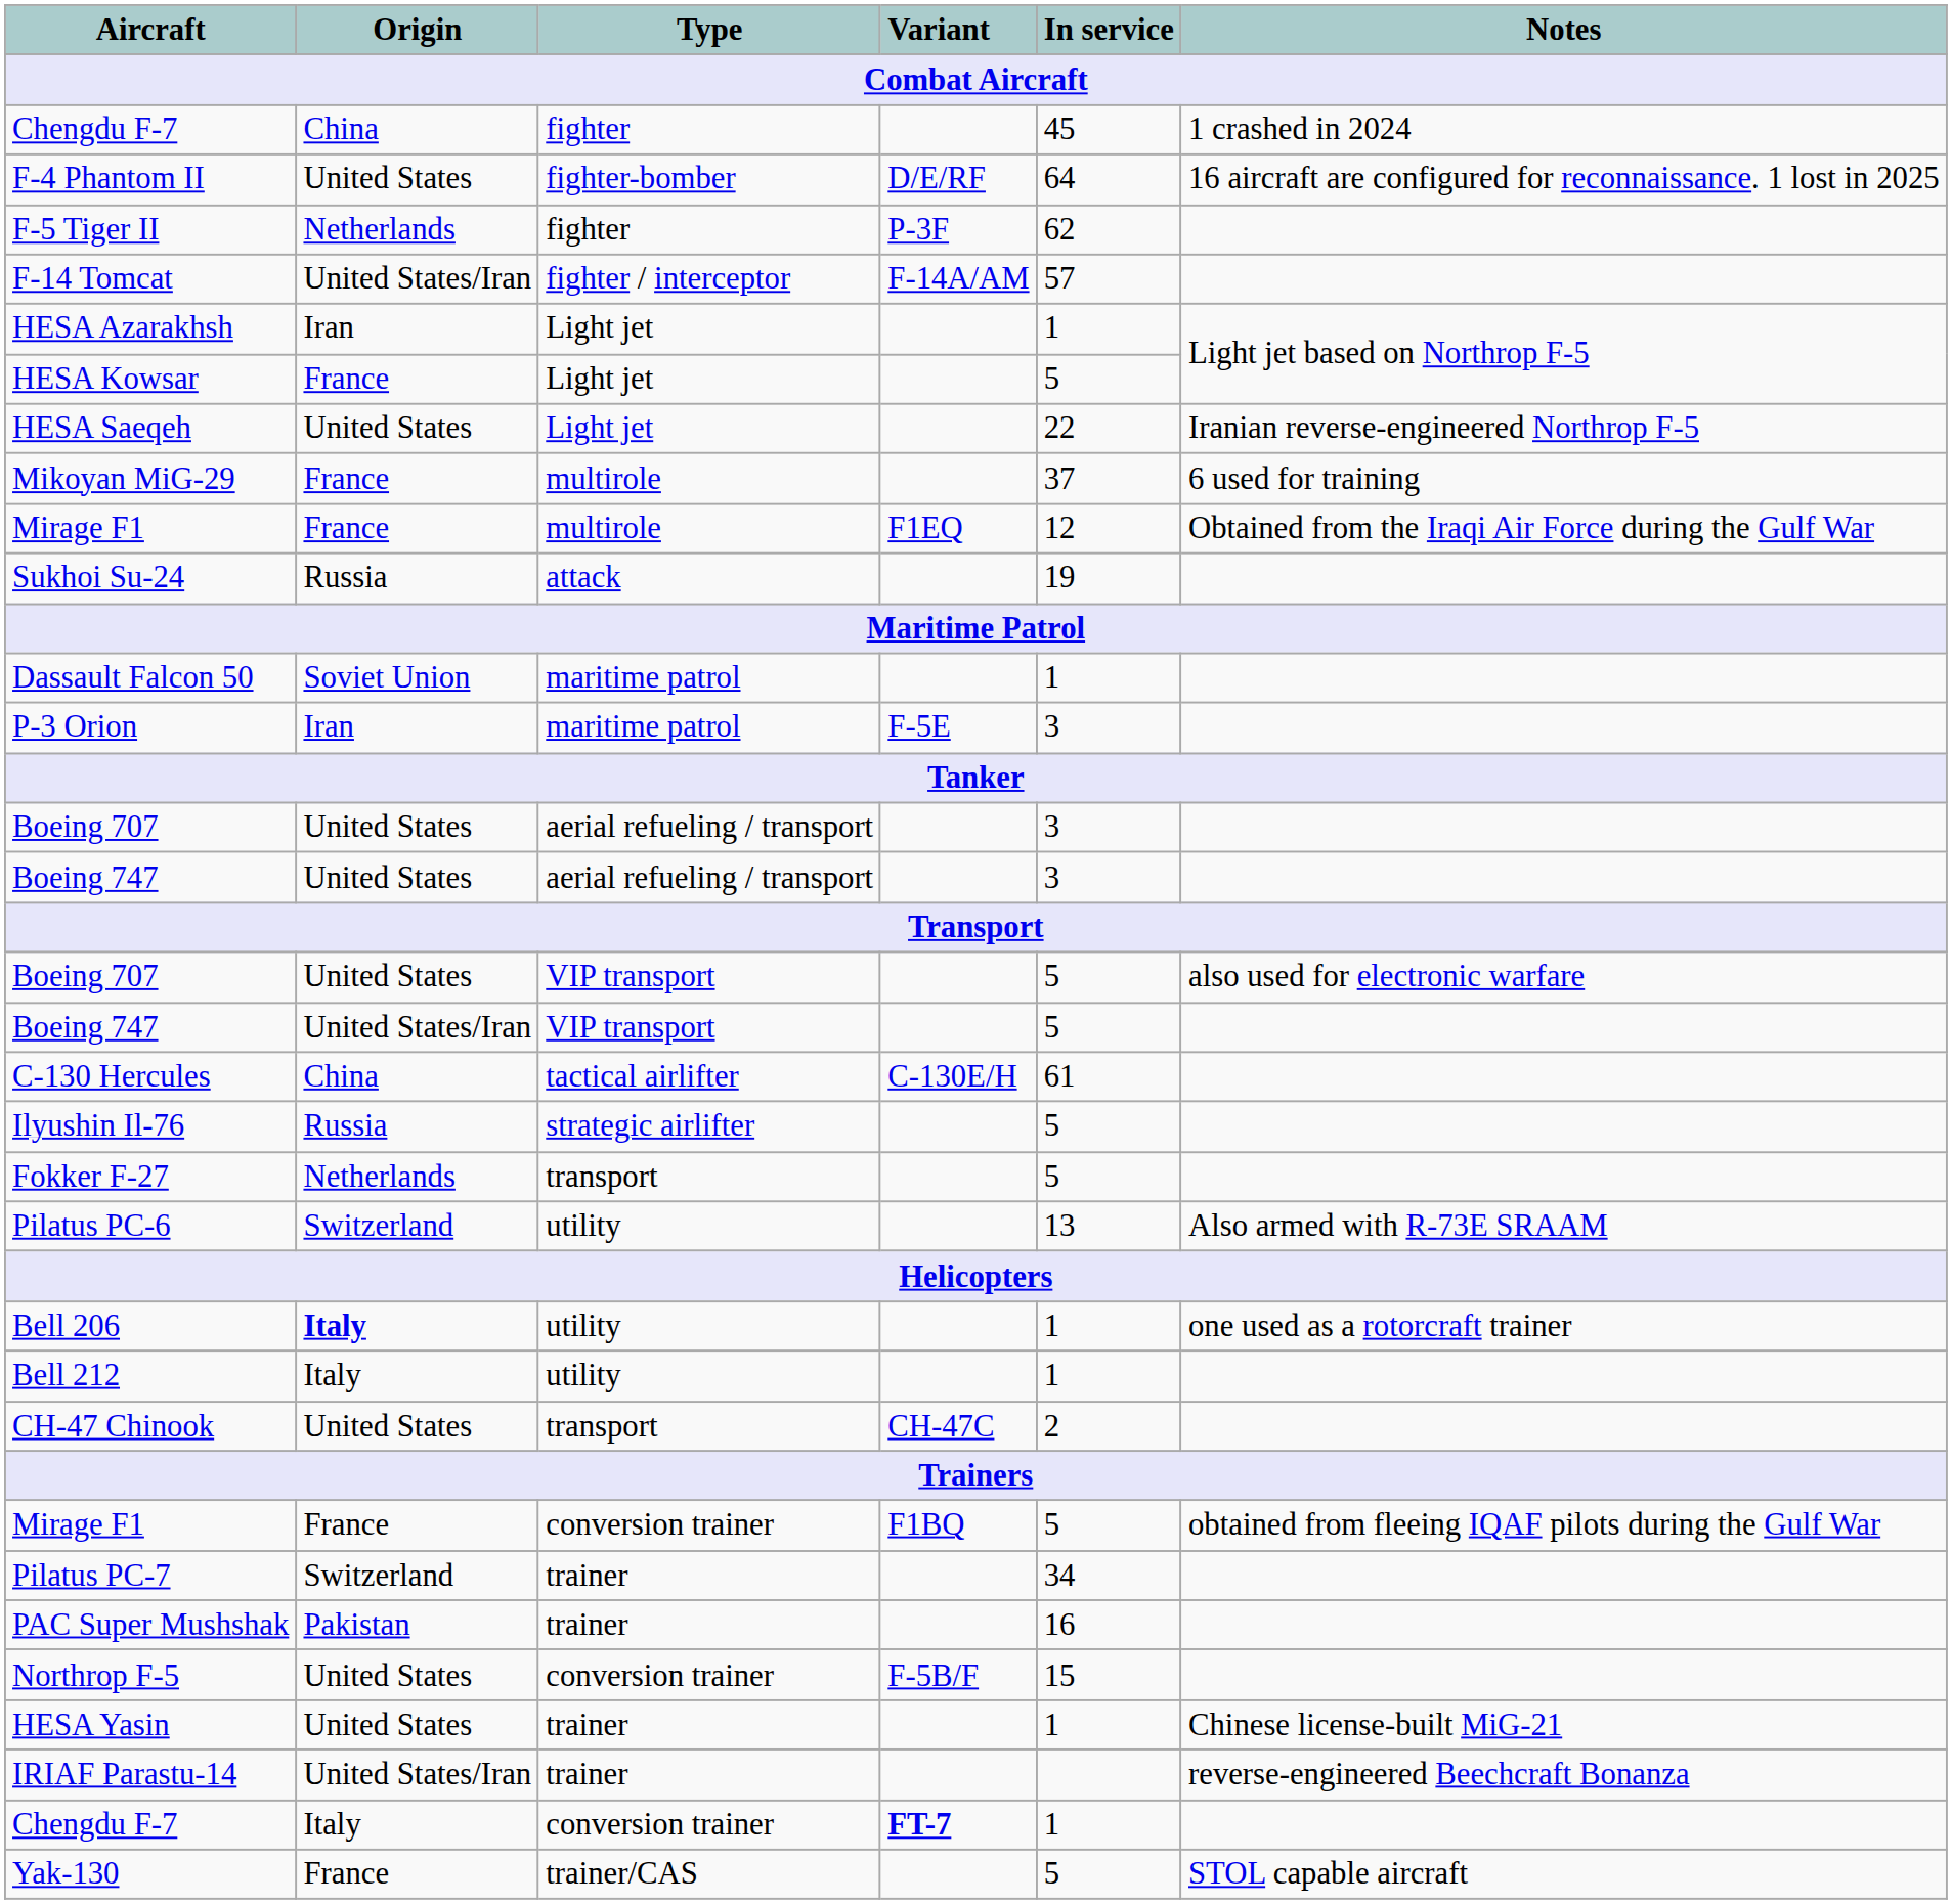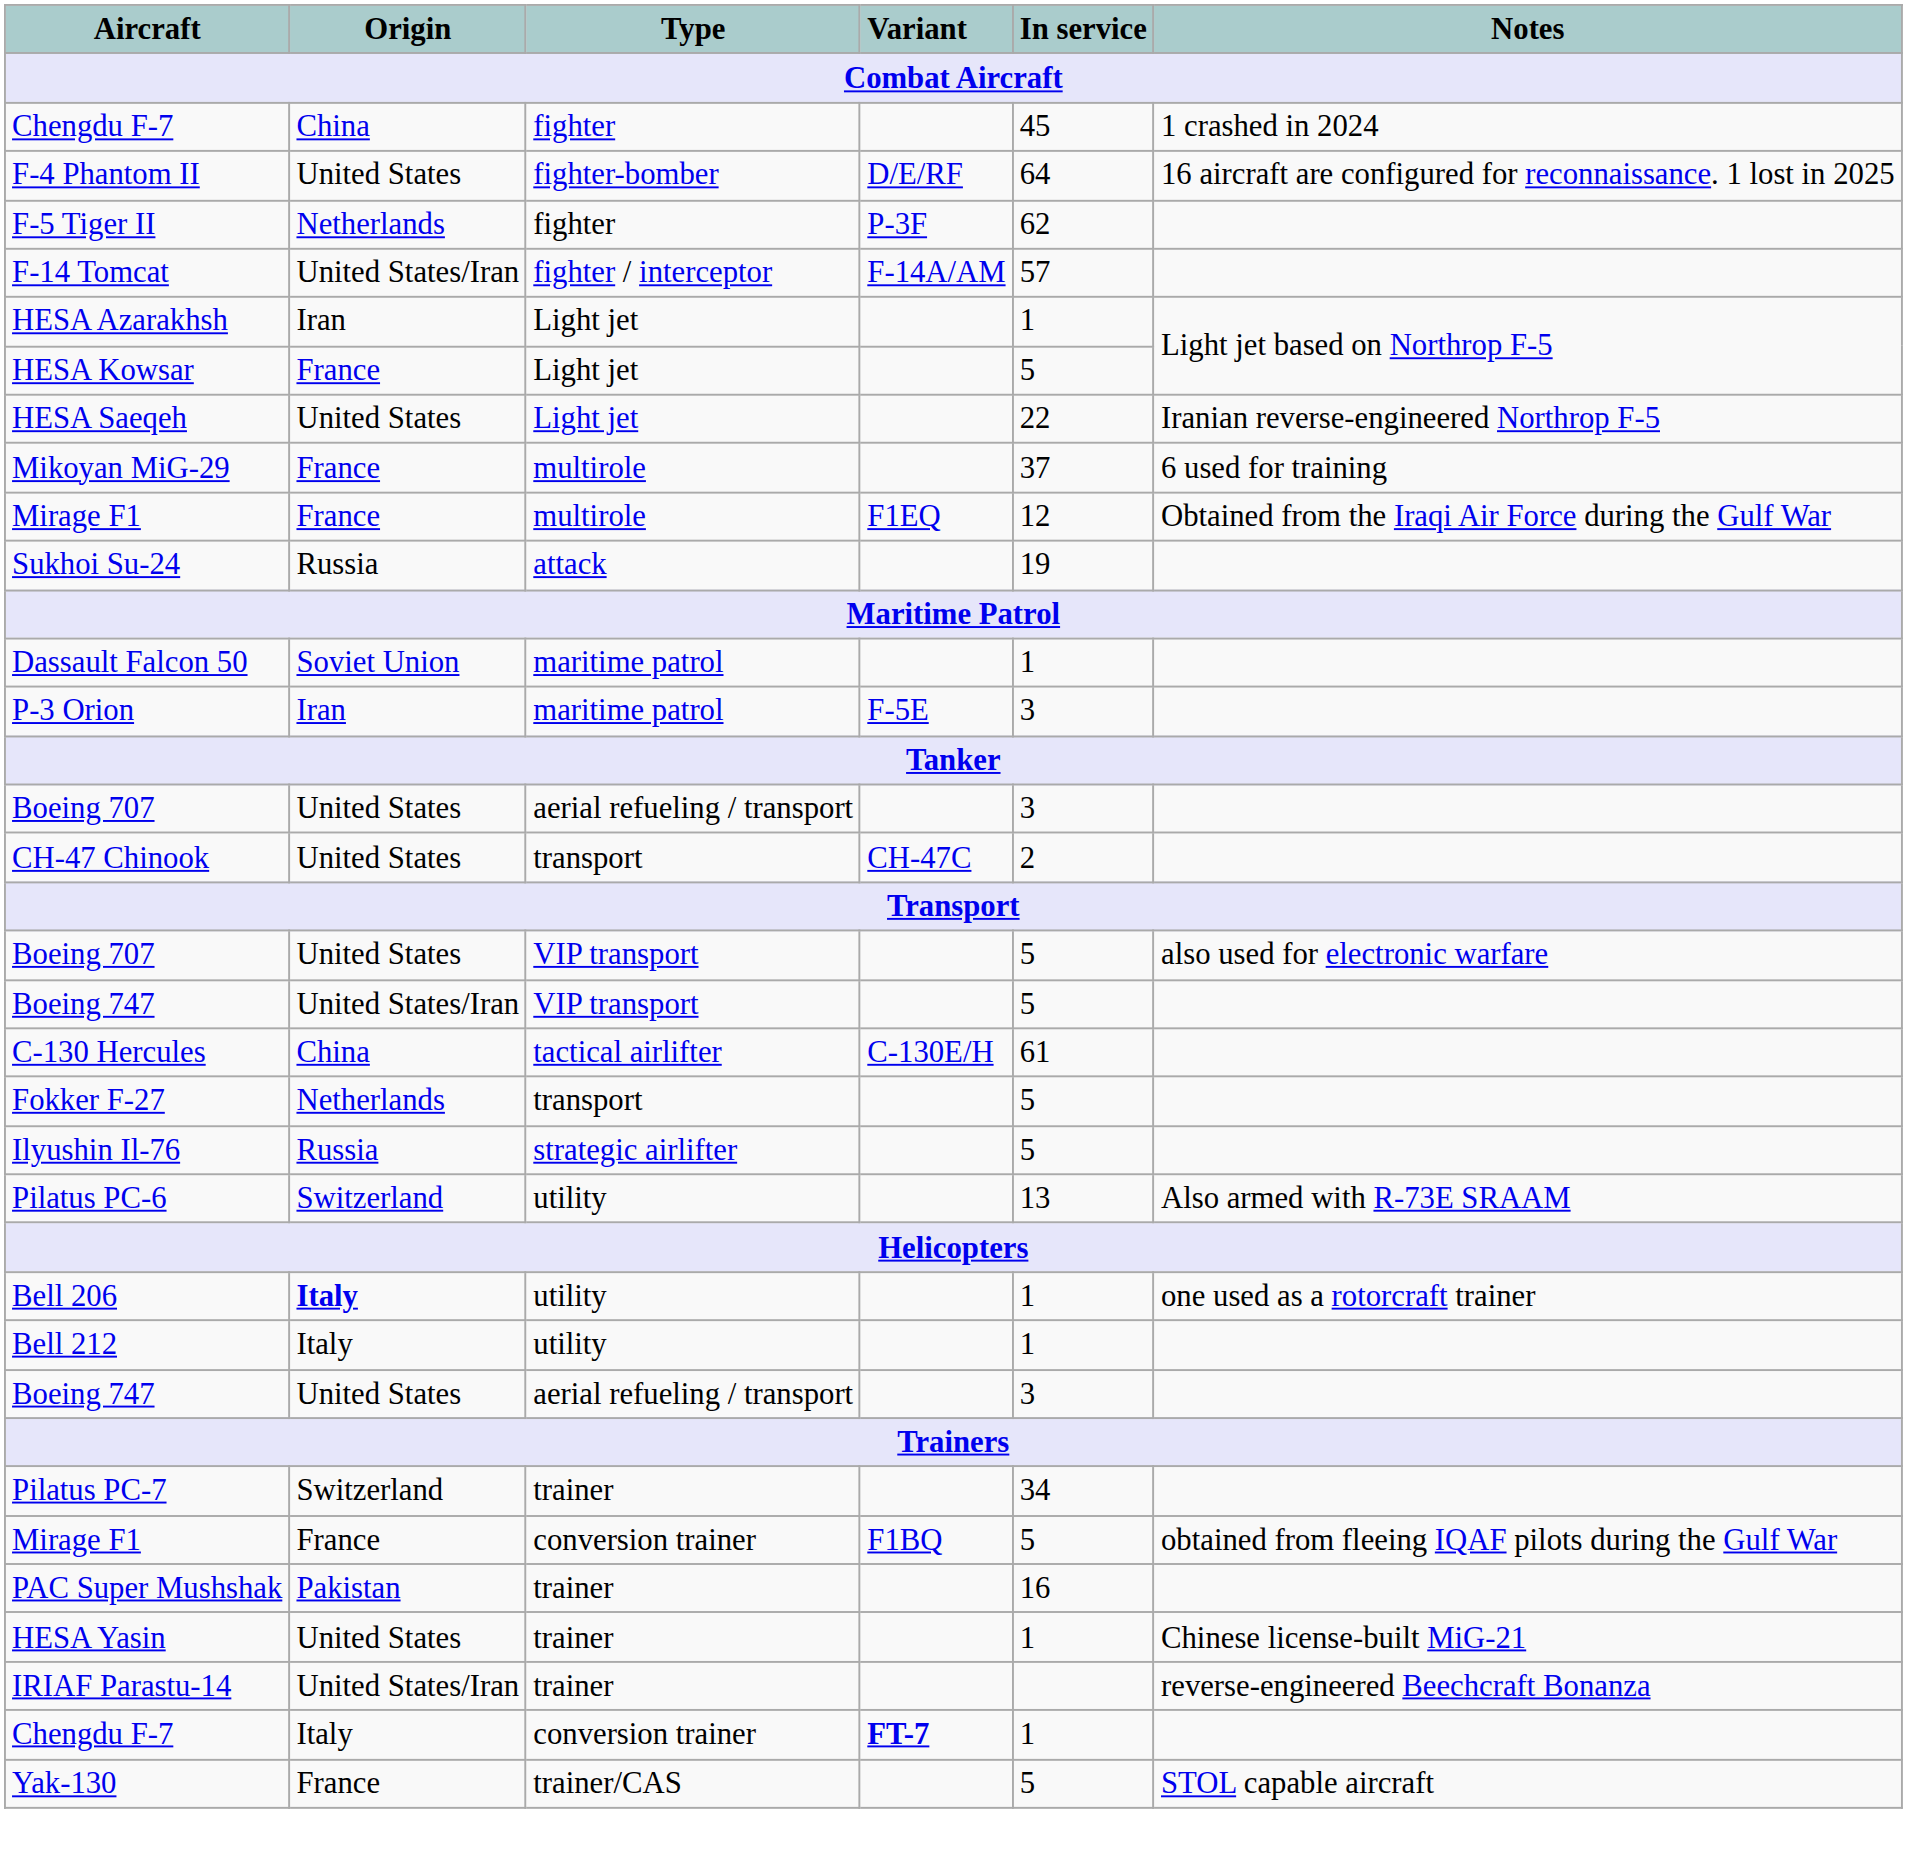 <table class="wikitable">
 <tr>
 <th style="text-align:center; background:#acc;">Aircraft</th>
 <th style="text-align: center; background:#acc;">Origin</th>
 <th style="text-align:l center; background:#acc;">Type</th>
 <th style="text-align:left; background:#acc;">Variant</th>
 <th style="text-align:center; background:#acc;">In service</th>
 <th style="text-align: center; background:#acc;">Notes</th>
 </tr>
 <tr>
 <th style="align: center; background: lavender;" colspan="6"><a href='#'>Combat Aircraft</a></th>
 </tr>
 <tr>
 <td><a href='#'>Chengdu F-7</a></td>
 <td><a href='#'>China</a></td>
 <td><a href='#'>fighter</a></td>
 <td></td>
 <td>45</td>
 <td>1 crashed in 2024</td>
 </tr>
 <tr>
 <td><a href='#'>F-4 Phantom II</a></td>
 <td>United States</td>
 <td><a href='#'>fighter-bomber</a></td>
 <td><a href='#'>D/E/RF</a></td>
 <td>64</td>
 <td>16 aircraft are configured for <a href='#'>reconnaissance</a>. 1 lost in 2025</td>
 </tr>
 <tr>
 <td><a href='#'>F-5 Tiger II</a></td>
 <td><a href='#'>Netherlands</a></td>
 <td>fighter</td>
 <td><a href='#'>P-3F</a></td>
 <td>62</td>
 <td></td>
 </tr>
 <tr>
 <td><a href='#'>F-14 Tomcat</a></td>
 <td>United States/Iran</td>
 <td><a href='#'>fighter</a> / <a href='#'>interceptor</a></td>
 <td><a href='#'>F-14A/AM</a></td>
 <td>57</td>
 <td></td>
 </tr>
 <tr>
 <td><a href='#'>HESA Azarakhsh</a></td>
 <td>Iran</td>
 <td>Light jet</td>
 <td></td>
 <td>1</td>
 <td rowspan="2">Light jet based on <a href='#'>Northrop F-5</a></td>
 </tr>
 <tr>
 <td><a href='#'>HESA Kowsar</a></td>
 <td><a href='#'>France</a></td>
 <td>Light jet</td>
 <td></td>
 <td>5</td>
 </tr>
 <tr>
 <td><a href='#'>HESA Saeqeh</a></td>
 <td>United States</td>
 <td><a href='#'>Light jet</a></td>
 <td></td>
 <td>22</td>
 <td>Iranian reverse-engineered <a href='#'>Northrop F-5</a></td>
 </tr>
 <tr>
 <td><a href='#'>Mikoyan MiG-29</a></td>
 <td><a href='#'>France</a></td>
 <td><a href='#'>multirole</a></td>
 <td></td>
 <td>37</td>
 <td>6 used for training</td>
 </tr>
 <tr>
 <td><a href='#'>Mirage F1</a></td>
 <td><a href='#'>France</a></td>
 <td><a href='#'>multirole</a></td>
 <td><a href='#'>F1EQ</a></td>
 <td>12</td>
 <td>Obtained from the <a href='#'>Iraqi Air Force</a> during the <a href='#'>Gulf War</a></td>
 </tr>
 <tr>
 <td><a href='#'>Sukhoi Su-24</a></td>
 <td>Russia</td>
 <td><a href='#'>attack</a></td>
 <td></td>
 <td>19</td>
 <td></td>
 </tr>
 <tr>
 <th style="align: center; background: lavender;" colspan="6"><a href='#'>Maritime Patrol</a></th>
 </tr>
 <tr>
 <td><a href='#'>Dassault Falcon 50</a></td>
 <td><a href='#'>Soviet Union</a></td>
 <td><a href='#'>maritime patrol</a></td>
 <td></td>
 <td>1</td>
 <td></td>
 </tr>
 <tr>
 <td><a href='#'>P-3 Orion</a></td>
 <td><a href='#'>Iran</a></td>
 <td><a href='#'>maritime patrol</a></td>
 <td><a href='#'>F-5E</a></td>
 <td>3</td>
 <td></td>
 </tr>
 <tr>
 <th style="align: center; background: lavender;" colspan="6"><a href='#'>Tanker</a></th>
 </tr>
 <tr>
 <td><a href='#'>Boeing 707</a></td>
 <td>United States</td>
 <td>aerial refueling / transport</td>
 <td></td>
 <td>3</td>
 <td></td>
 </tr>
 <tr>
-<td><a href='#'>Boeing 747</a></td>
+<td><a href='#'>CH-47 Chinook</a></td>
 <td>United States</td>
-<td>aerial refueling / transport</td>
-<td></td>
-<td>3</td>
+<td>transport</td>
+<td><a href='#'>CH-47C</a></td>
+<td>2</td>
 <td></td>
 </tr>
 <tr>
 <th style="align: center; background: lavender;" colspan="6"><a href='#'>Transport</a></th>
 </tr>
 <tr>
 <td><a href='#'>Boeing 707</a></td>
 <td>United States</td>
 <td><a href='#'>VIP transport</a></td>
 <td></td>
 <td>5</td>
 <td>also used for <a href='#'>electronic warfare</a></td>
 </tr>
 <tr>
 <td><a href='#'>Boeing 747</a></td>
 <td>United States/Iran</td>
 <td><a href='#'>VIP transport</a></td>
 <td></td>
 <td>5</td>
 <td></td>
 </tr>
 <tr>
 <td><a href='#'>C-130 Hercules</a></td>
 <td><a href='#'>China</a></td>
 <td><a href='#'>tactical airlifter</a></td>
 <td><a href='#'>C-130E/H</a></td>
 <td>61</td>
 <td></td>
 </tr>
 <tr>
-<td><a href='#'>Ilyushin Il-76</a></td>
-<td><a href='#'>Russia</a></td>
-<td><a href='#'>strategic airlifter</a></td>
+<td><a href='#'>Fokker F-27</a></td>
+<td><a href='#'>Netherlands</a></td>
+<td>transport</td>
 <td></td>
 <td>5</td>
 <td></td>
 </tr>
 <tr>
-<td><a href='#'>Fokker F-27</a></td>
-<td><a href='#'>Netherlands</a></td>
-<td>transport</td>
+<td><a href='#'>Ilyushin Il-76</a></td>
+<td><a href='#'>Russia</a></td>
+<td><a href='#'>strategic airlifter</a></td>
 <td></td>
 <td>5</td>
 <td></td>
 </tr>
 <tr>
 <td><a href='#'>Pilatus PC-6</a></td>
 <td><a href='#'>Switzerland</a></td>
 <td>utility</td>
 <td></td>
 <td>13</td>
 <td>Also armed with  <a href='#'>R-73E SRAAM</a></td>
 </tr>
 <tr>
 <th style="align: center; background: lavender;" colspan="6"><a href='#'>Helicopters</a></th>
 </tr>
 <tr>
 <td><a href='#'>Bell 206</a></td>
 <td><strong><a href='#'>Italy</a></strong></td>
 <td>utility</td>
 <td></td>
 <td>1</td>
 <td>one used as a <a href='#'>rotorcraft</a> trainer</td>
 </tr>
 <tr>
 <td><a href='#'>Bell 212</a></td>
 <td>Italy</td>
 <td>utility</td>
 <td></td>
 <td>1</td>
 <td></td>
 </tr>
 <tr>
-<td><a href='#'>CH-47 Chinook</a></td>
+<td><a href='#'>Boeing 747</a></td>
 <td>United States</td>
-<td>transport</td>
-<td><a href='#'>CH-47C</a></td>
-<td>2</td>
+<td>aerial refueling / transport</td>
+<td></td>
+<td>3</td>
 <td></td>
 </tr>
 <tr>
 <th style="align: center; background: lavender;" colspan="6"><a href='#'>Trainers</a></th>
+</tr>
+<tr>
+<td><a href='#'>Pilatus PC-7</a></td>
+<td>Switzerland</td>
+<td>trainer</td>
+<td></td>
+<td>34</td>
+<td></td>
 </tr>
 <tr>
 <td><a href='#'>Mirage F1</a></td>
 <td>France</td>
 <td>conversion trainer</td>
 <td><a href='#'>F1BQ</a></td>
 <td>5</td>
 <td>obtained from fleeing <a href='#'>IQAF</a> pilots during the <a href='#'>Gulf War</a></td>
 </tr>
 <tr>
-<td><a href='#'>Pilatus PC-7</a></td>
-<td>Switzerland</td>
-<td>trainer</td>
-<td></td>
-<td>34</td>
-<td></td>
-</tr>
-<tr>
 <td><a href='#'>PAC Super Mushshak</a></td>
 <td><a href='#'>Pakistan</a></td>
 <td>trainer</td>
 <td></td>
 <td>16</td>
-<td></td>
-</tr>
-<tr>
-<td><a href='#'>Northrop F-5</a></td>
-<td>United States</td>
-<td>conversion trainer</td>
-<td><a href='#'>F-5B/F</a></td>
-<td>15</td>
 <td></td>
 </tr>
 <tr>
 <td><a href='#'>HESA Yasin</a></td>
 <td>United States</td>
 <td>trainer</td>
 <td></td>
 <td>1</td>
 <td>Chinese license-built <a href='#'>MiG-21</a></td>
 </tr>
 <tr>
 <td><a href='#'>IRIAF Parastu-14</a></td>
 <td>United States/Iran</td>
 <td>trainer</td>
 <td></td>
 <td></td>
 <td>reverse-engineered <a href='#'>Beechcraft Bonanza</a></td>
 </tr>
 <tr>
 <td><a href='#'>Chengdu F-7</a></td>
 <td>Italy</td>
 <td>conversion trainer</td>
 <td><strong><a href='#'>FT-7</a></strong></td>
 <td>1</td>
 <td></td>
 </tr>
 <tr>
 <td><a href='#'>Yak-130</a></td>
 <td>France</td>
 <td>trainer/CAS</td>
 <td></td>
 <td>5</td>
 <td><a href='#'>STOL</a> capable aircraft</td>
 </tr>
 </table>
